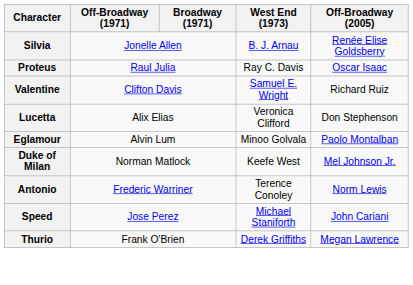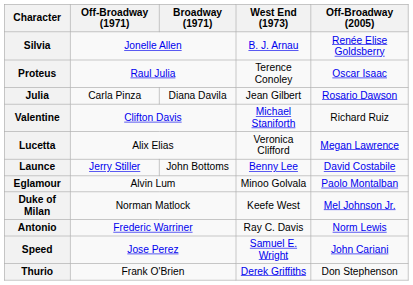 <table class="wikitable" style="width:50%; text-align:center">
 <tr>
 <th scope="col">Character</th>
 <th>Off-Broadway (1971)</th>
 <th>Broadway (1971)</th>
 <th>West End (1973)</th>
 <th>Off-Broadway (2005)</th>
 </tr>
 <tr>
 <th>Silvia</th>
 <td colspan="2"><a href='#'>Jonelle Allen</a></td>
 <td colspan="1"><a href='#'>B. J. Arnau</a></td>
 <td colspan="1"><a href='#'>Renée Elise Goldsberry</a></td>
 </tr>
 <tr>
 <th>Proteus</th>
 <td colspan="2”"><a href='#'>Raul Julia</a></td>
-<td colspan="1”">Ray C. Davis</td>
+<td colspan="1">Terence Conoley</td>
 <td colspan="1”"><a href='#'>Oscar Isaac</a></td>
+</tr>
+<tr>
+<th>Julia</th>
+<td colspan="1">Carla Pinza</td>
+<td colspan="1”">Diana Davila</td>
+<td colspan="1”">Jean Gilbert</td>
+<td colspan="1"><a href='#'>Rosario Dawson</a></td>
 </tr>
 <tr>
 <th>Valentine</th>
 <td colspan="2"><a href='#'>Clifton Davis</a></td>
-<td colspan="1"><a href='#'>Samuel E. Wright</a></td>
+<td colspan="1"><a href='#'>Michael Staniforth</a></td>
 <td colspan="1">Richard Ruiz</td>
 </tr>
 <tr>
 <th>Lucetta</th>
 <td colspan="2">Alix Elias</td>
 <td colspan="1">Veronica Clifford</td>
-<td colspan="1">Don Stephenson</td>
+<td colspan="1"><a href='#'>Megan Lawrence</a></td>
+</tr>
+<tr>
+<th>Launce</th>
+<td colspan="1"><a href='#'>Jerry Stiller</a></td>
+<td colspan="1">John Bottoms</td>
+<td colspan="1"><a href='#'>Benny Lee</a></td>
+<td colspan="1"><a href='#'>David Costabile</a></td>
 </tr>
 <tr>
 <th>Eglamour</th>
 <td colspan="2">Alvin Lum</td>
 <td colspan="1">Minoo Golvala</td>
 <td colspan="1"><a href='#'>Paolo Montalban</a></td>
 </tr>
 <tr>
 <th>Duke of Milan</th>
 <td colspan="2">Norman Matlock</td>
 <td colspan="1">Keefe West</td>
 <td colspan="1"><a href='#'>Mel Johnson Jr.</a></td>
 </tr>
 <tr>
 <th>Antonio</th>
 <td colspan="2"><a href='#'>Frederic Warriner</a></td>
-<td colspan="1">Terence Conoley</td>
+<td colspan="1”">Ray C. Davis</td>
 <td colspan="1"><a href='#'>Norm Lewis</a></td>
 </tr>
 <tr>
 <th>Speed</th>
 <td colspan="2"><a href='#'>Jose Perez</a></td>
-<td colspan="1"><a href='#'>Michael Staniforth</a></td>
+<td colspan="1"><a href='#'>Samuel E. Wright</a></td>
 <td colspan="1"><a href='#'>John Cariani</a></td>
 </tr>
 <tr>
 <th>Thurio</th>
 <td colspan="2">Frank O'Brien</td>
 <td colspan="1"><a href='#'>Derek Griffiths</a></td>
-<td colspan="1"><a href='#'>Megan Lawrence</a></td>
+<td colspan="1">Don Stephenson</td>
 </tr>
 </table>
